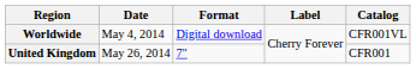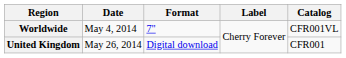 <table class="wikitable plainrowheaders" style="text-align:left">
 <tr>
 <th scope="col">Region</th>
 <th scope="col">Date</th>
 <th scope="col">Format</th>
 <th scope="col">Label</th>
 <th scope="col">Catalog</th>
 </tr>
 <tr>
 <th scope="row">Worldwide</th>
 <td>May 4, 2014</td>
-<td><a href='#'>Digital download</a></td>
+<td><a href='#'>7"</a></td>
 <td rowspan="2">Cherry Forever</td>
 <td>CFR001VL</td>
 </tr>
 <tr>
 <th scope="row">United Kingdom</th>
 <td>May 26, 2014</td>
-<td><a href='#'>7"</a></td>
+<td><a href='#'>Digital download</a></td>
 <td>CFR001</td>
 </tr>
 </table>
